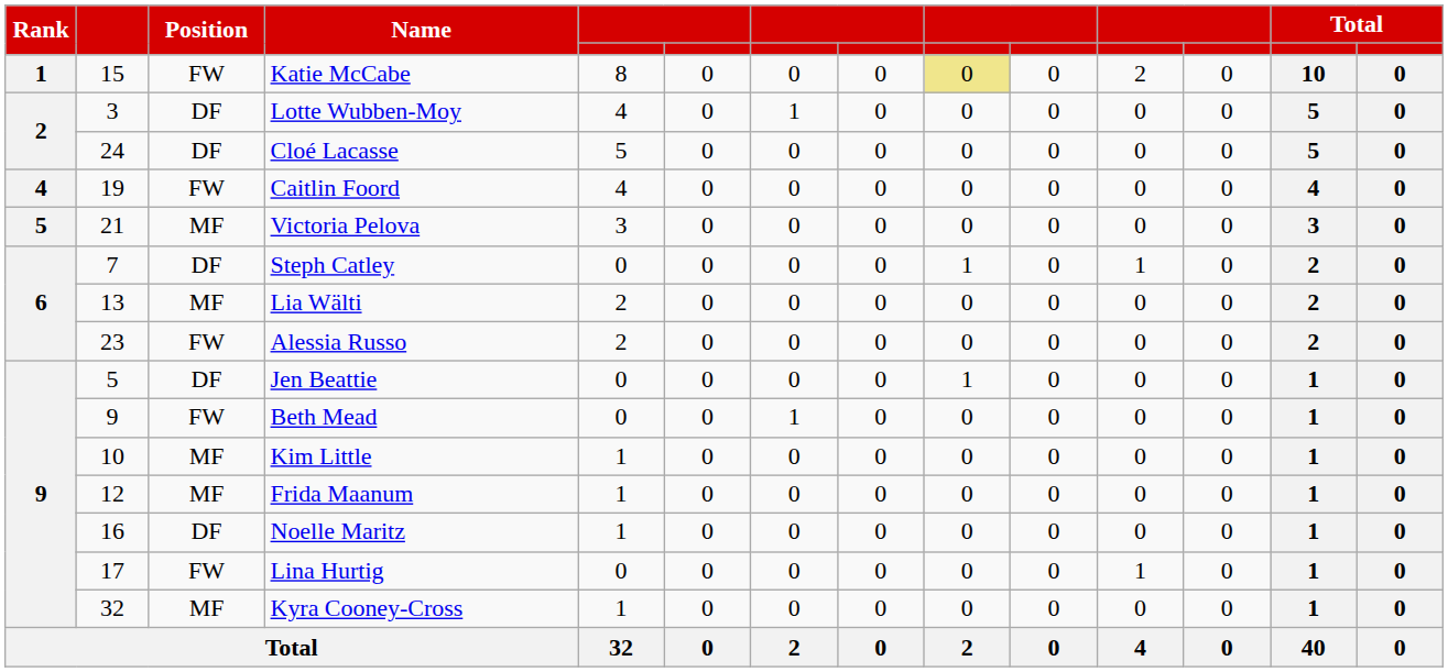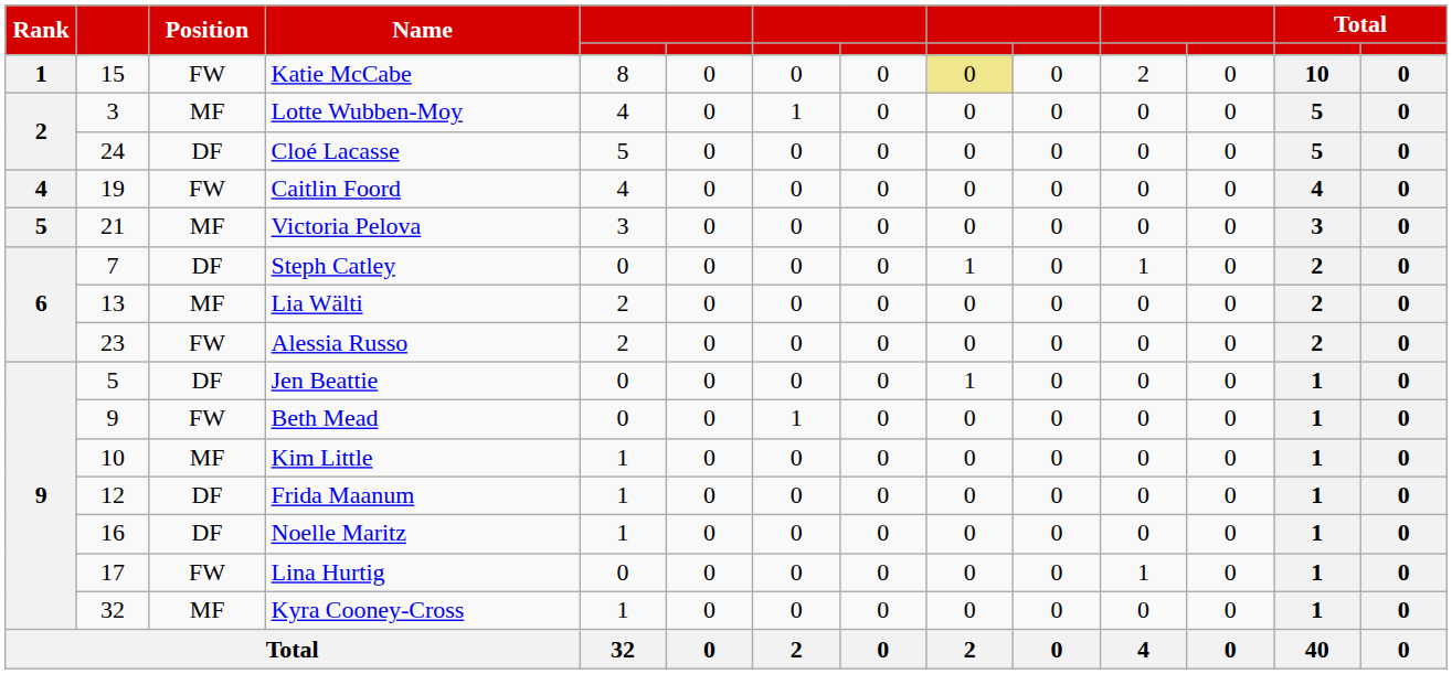 <table class="wikitable sortable" style="text-align:center; font-size:100%; ">
 <tr>
 <th style="background:#d50000; color:white; text-align:center; width:40px;" rowspan="2">Rank</th>
 <th style="background:#d50000; color:white; text-align:center; width:40px;" rowspan="2"></th>
 <th style="background:#d50000; color:white; text-align:center; width:70px;" rowspan="2">Position</th>
 <th style="background:#d50000; color:white; text-align:center; width:200px;" rowspan="2">Name</th>
 <th style="background:#d50000; color:white; text-align:center;" colspan="2"><a href='#'></a></th>
 <th style="background:#d50000; color:white; text-align:center;" colspan="2"><a href='#'></a></th>
 <th style="background:#d50000; color:white; text-align:center;" colspan="2"><a href='#'></a></th>
 <th style="background:#d50000; color:white; text-align:center;" colspan="2"><a href='#'></a></th>
 <th style="background:#d50000; color:white; text-align:center;" colspan="2">Total</th>
 </tr>
 <tr>
 <th style="background:#d50000; color:white; text-align:center; width:50px;"></th>
 <th style="background:#d50000; color:white; text-align:center; width:50px;"></th>
 <th style="background:#d50000; color:white; text-align:center; width:50px;"></th>
 <th style="background:#d50000; color:white; text-align:center; width:50px;"></th>
 <th style="background:#d50000; color:white; text-align:center; width:50px;"></th>
 <th style="background:#d50000; color:white; text-align:center; width:50px;"></th>
 <th style="background:#d50000; color:white; text-align:center; width:50px;"></th>
 <th style="background:#d50000; color:white; text-align:center; width:50px;"></th>
 <th style="background:#d50000; color:white; text-align:center; width:50px;"></th>
 <th style="background:#d50000; color:white; text-align:center; width:50px;"></th>
 </tr>
 <tr>
 <th>1</th>
 <td>15</td>
 <td>FW</td>
 <td align="left"> <a href='#'>Katie McCabe</a></td>
 <td>8</td>
 <td>0</td>
 <td>0</td>
 <td>0</td>
 <td style="background: khaki;">0</td>
 <td>0</td>
 <td>2</td>
 <td>0</td>
 <th>10</th>
 <th>0</th>
 </tr>
 <tr>
 <th rowspan="2">2</th>
 <td>3</td>
-<td>DF</td>
+<td>MF</td>
 <td align="left"> <a href='#'>Lotte Wubben-Moy</a></td>
 <td>4</td>
 <td>0</td>
 <td>1</td>
 <td>0</td>
 <td>0</td>
 <td>0</td>
 <td>0</td>
 <td>0</td>
 <th>5</th>
 <th>0</th>
 </tr>
 <tr>
 <td>24</td>
 <td>DF</td>
 <td align="left"> <a href='#'>Cloé Lacasse</a></td>
 <td>5</td>
 <td>0</td>
 <td>0</td>
 <td>0</td>
 <td>0</td>
 <td>0</td>
 <td>0</td>
 <td>0</td>
 <th>5</th>
 <th>0</th>
 </tr>
 <tr>
 <th>4</th>
 <td>19</td>
 <td>FW</td>
 <td align="left"> <a href='#'>Caitlin Foord</a></td>
 <td>4</td>
 <td>0</td>
 <td>0</td>
 <td>0</td>
 <td>0</td>
 <td>0</td>
 <td>0</td>
 <td>0</td>
 <th>4</th>
 <th>0</th>
 </tr>
 <tr>
 <th>5</th>
 <td>21</td>
 <td>MF</td>
 <td align="left"> <a href='#'>Victoria Pelova</a></td>
 <td>3</td>
 <td>0</td>
 <td>0</td>
 <td>0</td>
 <td>0</td>
 <td>0</td>
 <td>0</td>
 <td>0</td>
 <th>3</th>
 <th>0</th>
 </tr>
 <tr>
 <th rowspan="3">6</th>
 <td>7</td>
 <td>DF</td>
 <td align="left"> <a href='#'>Steph Catley</a></td>
 <td>0</td>
 <td>0</td>
 <td>0</td>
 <td>0</td>
 <td>1</td>
 <td>0</td>
 <td>1</td>
 <td>0</td>
 <th>2</th>
 <th>0</th>
 </tr>
 <tr>
 <td>13</td>
 <td>MF</td>
 <td align="left"> <a href='#'>Lia Wälti</a></td>
 <td>2</td>
 <td>0</td>
 <td>0</td>
 <td>0</td>
 <td>0</td>
 <td>0</td>
 <td>0</td>
 <td>0</td>
 <th>2</th>
 <th>0</th>
 </tr>
 <tr>
 <td>23</td>
 <td>FW</td>
 <td align="left"> <a href='#'>Alessia Russo</a></td>
 <td>2</td>
 <td>0</td>
 <td>0</td>
 <td>0</td>
 <td>0</td>
 <td>0</td>
 <td>0</td>
 <td>0</td>
 <th>2</th>
 <th>0</th>
 </tr>
 <tr>
 <th rowspan="7">9</th>
 <td>5</td>
 <td>DF</td>
 <td align="left"> <a href='#'>Jen Beattie</a></td>
 <td>0</td>
 <td>0</td>
 <td>0</td>
 <td>0</td>
 <td>1</td>
 <td>0</td>
 <td>0</td>
 <td>0</td>
 <th>1</th>
 <th>0</th>
 </tr>
 <tr>
 <td>9</td>
 <td>FW</td>
 <td align="left"> <a href='#'>Beth Mead</a></td>
 <td>0</td>
 <td>0</td>
 <td>1</td>
 <td>0</td>
 <td>0</td>
 <td>0</td>
 <td>0</td>
 <td>0</td>
 <th>1</th>
 <th>0</th>
 </tr>
 <tr>
 <td>10</td>
 <td>MF</td>
 <td align="left"> <a href='#'>Kim Little</a></td>
 <td>1</td>
 <td>0</td>
 <td>0</td>
 <td>0</td>
 <td>0</td>
 <td>0</td>
 <td>0</td>
 <td>0</td>
 <th>1</th>
 <th>0</th>
 </tr>
 <tr>
 <td>12</td>
-<td>MF</td>
+<td>DF</td>
 <td align="left"> <a href='#'>Frida Maanum</a></td>
 <td>1</td>
 <td>0</td>
 <td>0</td>
 <td>0</td>
 <td>0</td>
 <td>0</td>
 <td>0</td>
 <td>0</td>
 <th>1</th>
 <th>0</th>
 </tr>
 <tr>
 <td>16</td>
 <td>DF</td>
 <td align="left"> <a href='#'>Noelle Maritz</a></td>
 <td>1</td>
 <td>0</td>
 <td>0</td>
 <td>0</td>
 <td>0</td>
 <td>0</td>
 <td>0</td>
 <td>0</td>
 <th>1</th>
 <th>0</th>
 </tr>
 <tr>
 <td>17</td>
 <td>FW</td>
 <td align="left"> <a href='#'>Lina Hurtig</a></td>
 <td>0</td>
 <td>0</td>
 <td>0</td>
 <td>0</td>
 <td>0</td>
 <td>0</td>
 <td>1</td>
 <td>0</td>
 <th>1</th>
 <th>0</th>
 </tr>
 <tr>
 <td>32</td>
 <td>MF</td>
 <td align="left"> <a href='#'>Kyra Cooney-Cross</a></td>
 <td>1</td>
 <td>0</td>
 <td>0</td>
 <td>0</td>
 <td>0</td>
 <td>0</td>
 <td>0</td>
 <td>0</td>
 <th>1</th>
 <th>0</th>
 </tr>
 <tr>
 <th colspan="4">Total</th>
 <th>32</th>
 <th>0</th>
 <th>2</th>
 <th>0</th>
 <th>2</th>
 <th>0</th>
 <th>4</th>
 <th>0</th>
 <th>40</th>
 <th>0</th>
 </tr>
 </table>
